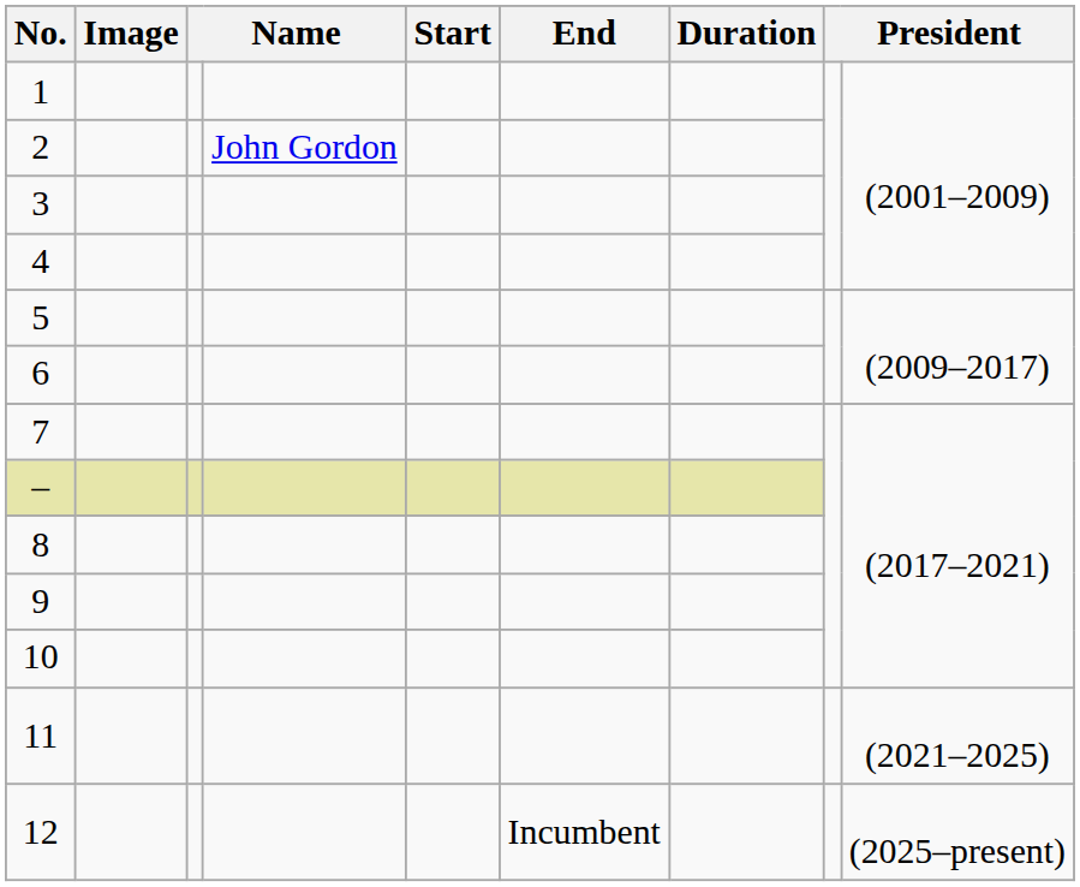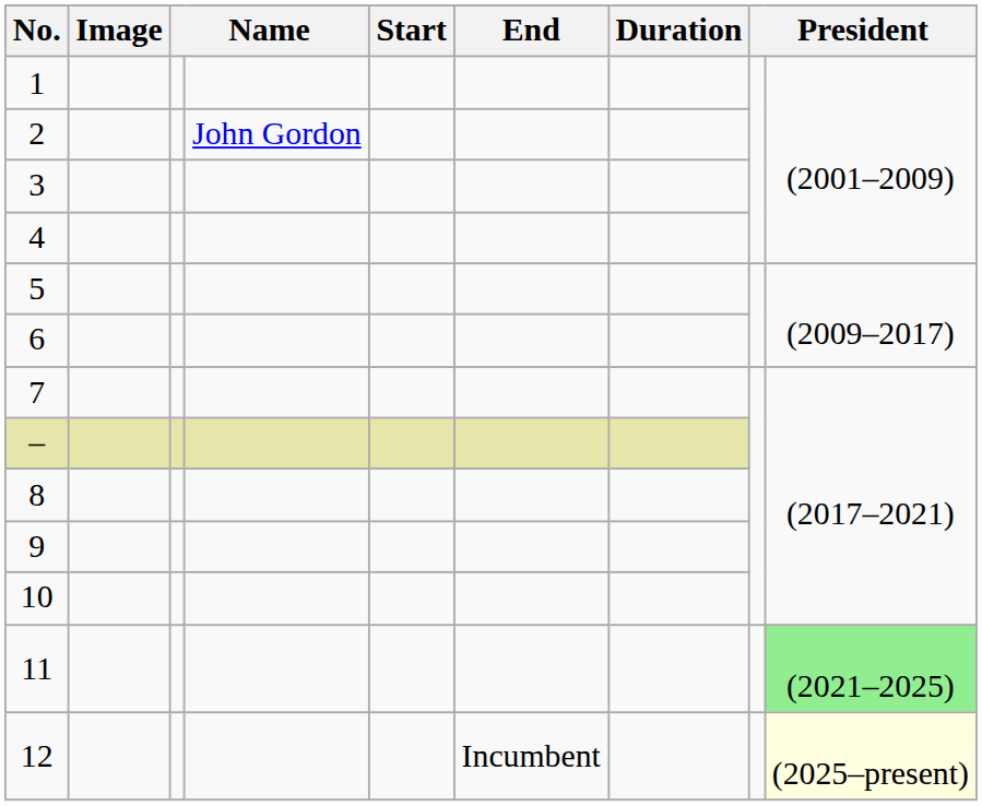 <table class="wikitable sortable" style="text-align:center">
 <tr>
 <th>No.</th>
 <th class="unsortable">Image</th>
 <th colspan=2>Name</th>
 <th>Start</th>
 <th>End</th>
 <th>Duration</th>
 <th colspan=2>President</th>
 </tr>
 <tr>
 <td>1</td>
 <td></td>
 <td style="background: "></td>
 <td></td>
 <td></td>
 <td></td>
 <td></td>
 <td rowspan=4 style="background: "></td>
 <td rowspan=4><br>(2001–2009)</td>
 </tr>
 <tr>
 <td>2</td>
 <td></td>
 <td style="background: "></td>
 <td><a href='#'>John Gordon</a></td>
 <td></td>
 <td></td>
 <td></td>
 </tr>
 <tr>
 <td>3</td>
 <td></td>
 <td style="background: "></td>
 <td></td>
 <td></td>
 <td></td>
 <td></td>
 </tr>
 <tr>
 <td>4</td>
 <td></td>
 <td style="background: "></td>
 <td></td>
 <td></td>
 <td></td>
 <td></td>
 </tr>
 <tr>
 <td>5</td>
 <td></td>
 <td style="background: "></td>
 <td></td>
 <td></td>
 <td></td>
 <td></td>
 <td rowspan=2 style="background: "></td>
 <td rowspan=2><br>(2009–2017)</td>
 </tr>
 <tr>
 <td>6</td>
 <td></td>
 <td style="background: "></td>
 <td></td>
 <td></td>
 <td></td>
 <td></td>
 </tr>
 <tr>
 <td>7</td>
 <td></td>
 <td style="background: "></td>
 <td></td>
 <td></td>
 <td></td>
 <td></td>
 <td rowspan=5 style="background: "></td>
 <td rowspan=5><br>(2017–2021)</td>
 </tr>
 <tr bgcolor="#e6e6aa">
 <td>–</td>
 <td></td>
 <td style="background: "></td>
 <td><br></td>
 <td></td>
 <td></td>
 <td></td>
 </tr>
 <tr>
 <td>8</td>
 <td></td>
 <td style="background: "></td>
 <td></td>
 <td></td>
 <td></td>
 <td></td>
 </tr>
 <tr>
 <td>9</td>
 <td></td>
 <td style="background: "></td>
 <td></td>
 <td></td>
 <td></td>
 <td></td>
 </tr>
 <tr>
 <td>10</td>
 <td></td>
 <td style="background: "></td>
 <td></td>
 <td></td>
 <td></td>
 <td></td>
 </tr>
 <tr>
 <td>11</td>
 <td></td>
 <td style="background: "></td>
 <td></td>
 <td></td>
 <td></td>
 <td></td>
 <td style="background: "></td>
-<td><br>(2021–2025)</td>
+<td style="background: lightgreen;"><br>(2021–2025)</td>
 </tr>
 <tr>
 <td>12</td>
 <td></td>
 <td style="background: "></td>
 <td></td>
 <td></td>
 <td>Incumbent</td>
 <td></td>
 <td style="background: "></td>
-<td><br>(2025–present)</td>
+<td style="background: lightyellow;"><br>(2025–present)</td>
 </tr>
 </table>
